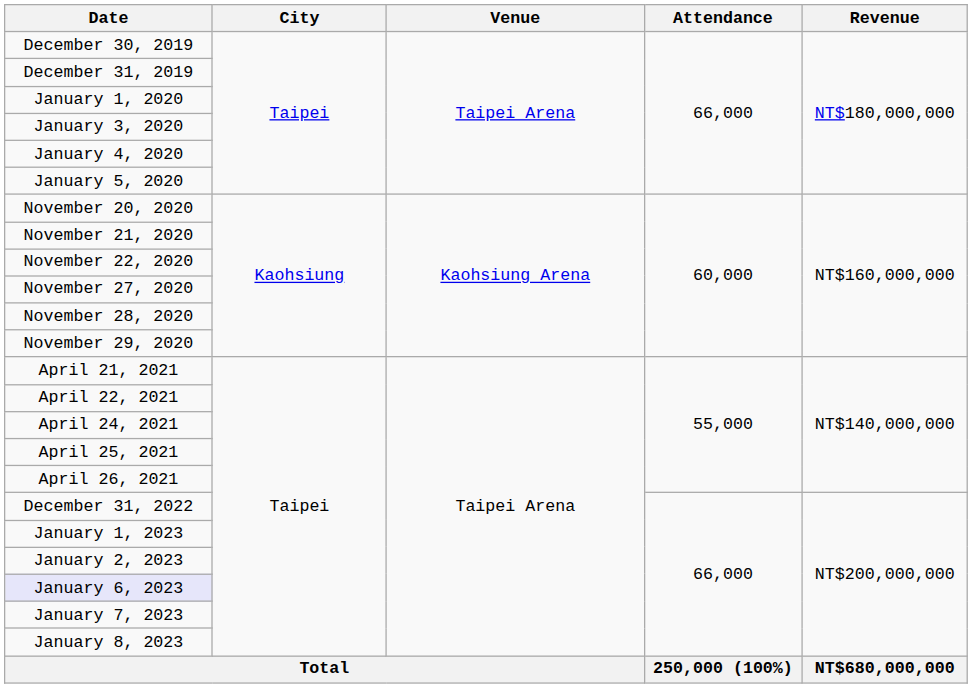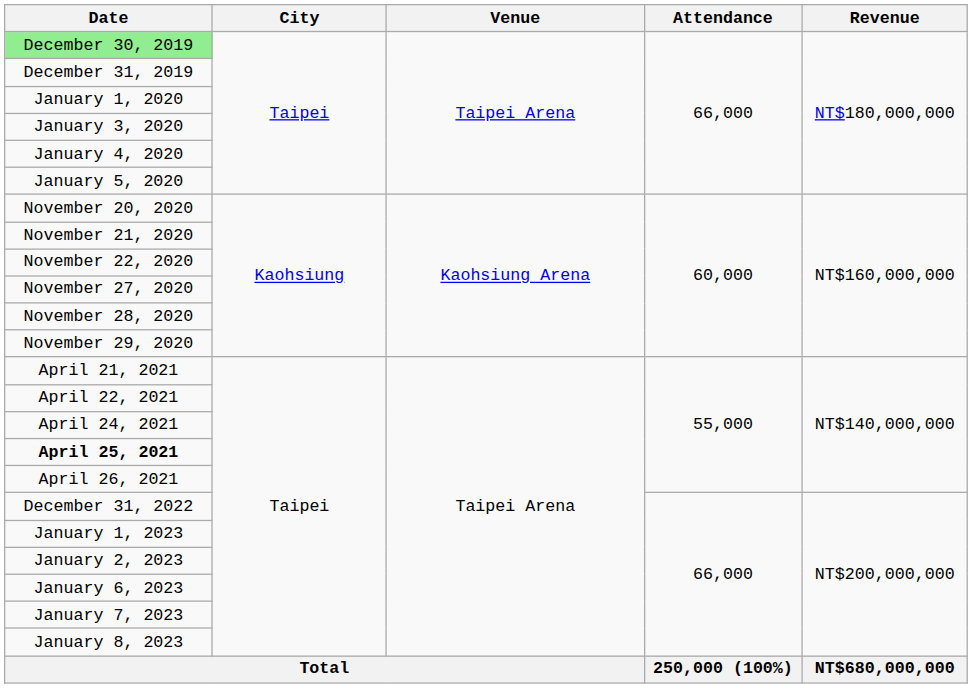 <table class="wikitable plainrowheaders" style="text-align:center;">
 <tr>
 <th scope="col" style="width:12em;">Date</th>
 <th scope="col" style="width:10em;">City</th>
 <th scope="col" style="width:15em;">Venue</th>
 <th scope="col" style="width:9em;">Attendance</th>
 <th scope="col" style="width:9.5em;">Revenue</th>
 </tr>
 <tr>
-<td>December 30, 2019</td>
+<td style="background: lightgreen;">December 30, 2019</td>
 <td rowspan="6"><a href='#'>Taipei</a></td>
 <td rowspan="6"><a href='#'>Taipei Arena</a></td>
 <td rowspan="6">66,000</td>
 <td rowspan="6"><a href='#'>NT$</a>180,000,000</td>
 </tr>
 <tr>
 <td>December 31, 2019</td>
 </tr>
 <tr>
 <td>January 1, 2020</td>
 </tr>
 <tr>
 <td>January 3, 2020</td>
 </tr>
 <tr>
 <td>January 4, 2020</td>
 </tr>
 <tr>
 <td>January 5, 2020</td>
 </tr>
 <tr>
 <td>November 20, 2020</td>
 <td rowspan="6"><a href='#'>Kaohsiung</a></td>
 <td rowspan="6"><a href='#'>Kaohsiung Arena</a></td>
 <td rowspan="6">60,000</td>
 <td rowspan="6">NT$160,000,000</td>
 </tr>
 <tr>
 <td>November 21, 2020</td>
 </tr>
 <tr>
 <td>November 22, 2020</td>
 </tr>
 <tr>
 <td>November 27, 2020</td>
 </tr>
 <tr>
 <td>November 28, 2020</td>
 </tr>
 <tr>
 <td>November 29, 2020</td>
 </tr>
 <tr>
 <td>April 21, 2021</td>
 <td rowspan="11">Taipei</td>
 <td rowspan="11">Taipei Arena</td>
 <td rowspan="5">55,000</td>
 <td rowspan="5">NT$140,000,000</td>
 </tr>
 <tr>
 <td>April 22, 2021</td>
 </tr>
 <tr>
 <td>April 24, 2021</td>
 </tr>
 <tr>
-<td>April 25, 2021</td>
+<td><strong>April 25, 2021</strong></td>
 </tr>
 <tr>
 <td>April 26, 2021</td>
 </tr>
 <tr>
 <td>December 31, 2022</td>
 <td rowspan="6">66,000</td>
 <td rowspan="6">NT$200,000,000</td>
 </tr>
 <tr>
 <td>January 1, 2023</td>
 </tr>
 <tr>
 <td>January 2, 2023</td>
 </tr>
 <tr>
-<td style="background: lavender;">January 6, 2023</td>
+<td>January 6, 2023</td>
 </tr>
 <tr>
 <td>January 7, 2023</td>
 </tr>
 <tr>
 <td>January 8, 2023</td>
 </tr>
 <tr>
 <th colspan="3">Total</th>
 <th>250,000 (100%)</th>
 <th>NT$680,000,000</th>
 </tr>
 </table>
